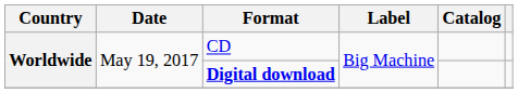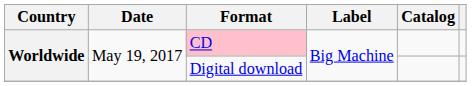 <table class="wikitable plainrowheaders">
 <tr>
 <th>Country</th>
 <th>Date</th>
 <th>Format</th>
 <th>Label</th>
 <th>Catalog </th>
 <th></th>
 </tr>
 <tr>
 <th scope="row" rowspan="2">Worldwide</th>
 <td rowspan="2">May 19, 2017</td>
-<td><a href='#'>CD</a></td>
+<td style="background: pink;"><a href='#'>CD</a></td>
 <td rowspan="2"><a href='#'>Big Machine</a></td>
 <td></td>
 <td></td>
 </tr>
 <tr>
-<td><strong><a href='#'>Digital download</a></strong></td>
+<td><a href='#'>Digital download</a></td>
 <td></td>
 <td></td>
 </tr>
 <tr>
 </tr>
 </table>
